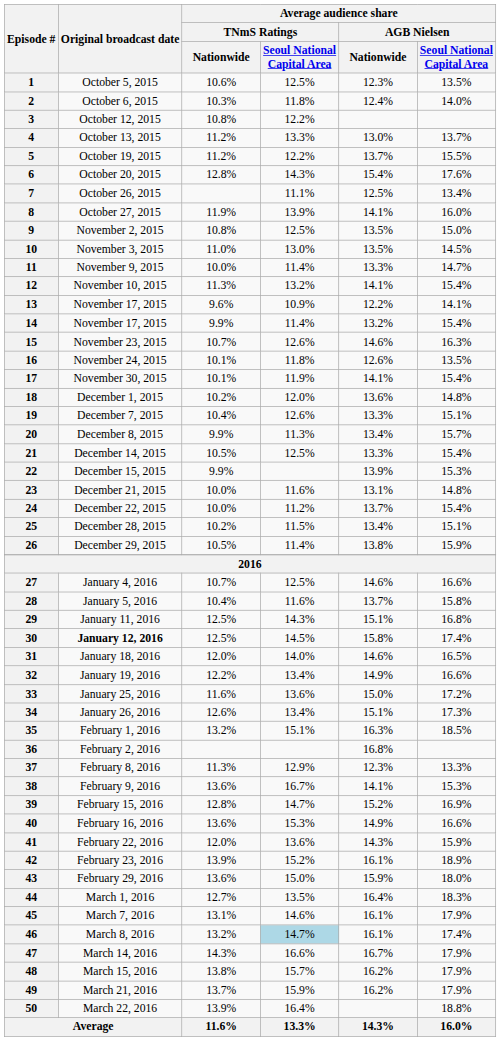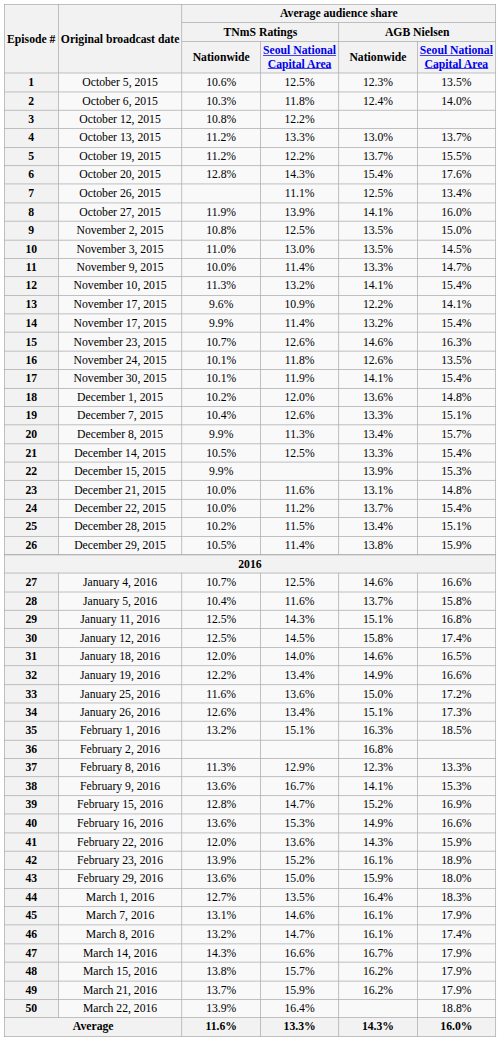 <table class=wikitable style="text-align:center">
 <tr>
 <th rowspan="3">Episode #</th>
 <th rowspan="3">Original broadcast date</th>
 <th colspan="4">Average audience share</th>
 </tr>
 <tr>
 <th colspan="2">TNmS Ratings</th>
 <th colspan="2">AGB Nielsen</th>
 </tr>
 <tr>
 <th width=100>Nationwide</th>
 <th width=100><a href='#'>Seoul National Capital Area</a></th>
 <th width=100>Nationwide</th>
 <th width=100><a href='#'>Seoul National Capital Area</a></th>
 </tr>
 <tr>
 <th>1</th>
 <td>October 5, 2015</td>
 <td>10.6%</td>
 <td>12.5%</td>
 <td>12.3%</td>
 <td>13.5%</td>
 </tr>
 <tr>
 <th>2</th>
 <td>October 6, 2015</td>
 <td>10.3%</td>
 <td>11.8%</td>
 <td>12.4%</td>
 <td>14.0%</td>
 </tr>
 <tr>
 <th>3</th>
 <td>October 12, 2015</td>
 <td>10.8%</td>
 <td>12.2%</td>
 <td></td>
 <td></td>
 </tr>
 <tr>
 <th>4</th>
 <td>October 13, 2015</td>
 <td>11.2%</td>
 <td>13.3%</td>
 <td>13.0%</td>
 <td>13.7%</td>
 </tr>
 <tr>
 <th>5</th>
 <td>October 19, 2015</td>
 <td>11.2%</td>
 <td>12.2%</td>
 <td>13.7%</td>
 <td>15.5%</td>
 </tr>
 <tr>
 <th>6</th>
 <td>October 20, 2015</td>
 <td>12.8%</td>
 <td>14.3%</td>
 <td>15.4%</td>
 <td>17.6%</td>
 </tr>
 <tr>
 <th>7</th>
 <td>October 26, 2015</td>
 <td></td>
 <td>11.1%</td>
 <td>12.5%</td>
 <td>13.4%</td>
 </tr>
 <tr>
 <th>8</th>
 <td>October 27, 2015</td>
 <td>11.9%</td>
 <td>13.9%</td>
 <td>14.1%</td>
 <td>16.0%</td>
 </tr>
 <tr>
 <th>9</th>
 <td>November 2, 2015</td>
 <td>10.8%</td>
 <td>12.5%</td>
 <td>13.5%</td>
 <td>15.0%</td>
 </tr>
 <tr>
 <th>10</th>
 <td>November 3, 2015</td>
 <td>11.0%</td>
 <td>13.0%</td>
 <td>13.5%</td>
 <td>14.5%</td>
 </tr>
 <tr>
 <th>11</th>
 <td>November 9, 2015</td>
 <td>10.0%</td>
 <td>11.4%</td>
 <td>13.3%</td>
 <td>14.7%</td>
 </tr>
 <tr>
 <th>12</th>
 <td>November 10, 2015</td>
 <td>11.3%</td>
 <td>13.2%</td>
 <td>14.1%</td>
 <td>15.4%</td>
 </tr>
 <tr>
 <th>13</th>
 <td>November 17, 2015</td>
 <td>9.6%</td>
 <td>10.9%</td>
 <td>12.2%</td>
 <td>14.1%</td>
 </tr>
 <tr>
 <th>14</th>
 <td>November 17, 2015</td>
 <td>9.9%</td>
 <td>11.4%</td>
 <td>13.2%</td>
 <td>15.4%</td>
 </tr>
 <tr>
 <th>15</th>
 <td>November 23, 2015</td>
 <td>10.7%</td>
 <td>12.6%</td>
 <td>14.6%</td>
 <td>16.3%</td>
 </tr>
 <tr>
 <th>16</th>
 <td>November 24, 2015</td>
 <td>10.1%</td>
 <td>11.8%</td>
 <td>12.6%</td>
 <td>13.5%</td>
 </tr>
 <tr>
 <th>17</th>
 <td>November 30, 2015</td>
 <td>10.1%</td>
 <td>11.9%</td>
 <td>14.1%</td>
 <td>15.4%</td>
 </tr>
 <tr>
 <th>18</th>
 <td>December 1, 2015</td>
 <td>10.2%</td>
 <td>12.0%</td>
 <td>13.6%</td>
 <td>14.8%</td>
 </tr>
 <tr>
 <th>19</th>
 <td>December 7, 2015</td>
 <td>10.4%</td>
 <td>12.6%</td>
 <td>13.3%</td>
 <td>15.1%</td>
 </tr>
 <tr>
 <th>20</th>
 <td>December 8, 2015</td>
 <td>9.9%</td>
 <td>11.3%</td>
 <td>13.4%</td>
 <td>15.7%</td>
 </tr>
 <tr>
 <th>21</th>
 <td>December 14, 2015</td>
 <td>10.5%</td>
 <td>12.5%</td>
 <td>13.3%</td>
 <td>15.4%</td>
 </tr>
 <tr>
 <th>22</th>
 <td>December 15, 2015</td>
 <td>9.9%</td>
 <td></td>
 <td>13.9%</td>
 <td>15.3%</td>
 </tr>
 <tr>
 <th>23</th>
 <td>December 21, 2015</td>
 <td>10.0%</td>
 <td>11.6%</td>
 <td>13.1%</td>
 <td>14.8%</td>
 </tr>
 <tr>
 <th>24</th>
 <td>December 22, 2015</td>
 <td>10.0%</td>
 <td>11.2%</td>
 <td>13.7%</td>
 <td>15.4%</td>
 </tr>
 <tr>
 <th>25</th>
 <td>December 28, 2015</td>
 <td>10.2%</td>
 <td>11.5%</td>
 <td>13.4%</td>
 <td>15.1%</td>
 </tr>
 <tr>
 <th>26</th>
 <td>December 29, 2015</td>
 <td>10.5%</td>
 <td>11.4%</td>
 <td>13.8%</td>
 <td>15.9%</td>
 </tr>
 <tr>
 </tr>
 <tr align=center>
 <th colspan="6">2016</th>
 </tr>
 <tr align=center>
 <th>27</th>
 <td>January 4, 2016</td>
 <td>10.7%</td>
 <td>12.5%</td>
 <td>14.6%</td>
 <td>16.6%</td>
 </tr>
 <tr>
 <th>28</th>
 <td>January 5, 2016</td>
 <td>10.4%</td>
 <td>11.6%</td>
 <td>13.7%</td>
 <td>15.8%</td>
 </tr>
 <tr>
 <th>29</th>
 <td>January 11, 2016</td>
 <td>12.5%</td>
 <td>14.3%</td>
 <td>15.1%</td>
 <td>16.8%</td>
 </tr>
 <tr>
 <th>30</th>
-<td><strong>January 12, 2016</strong></td>
+<td>January 12, 2016</td>
 <td>12.5%</td>
 <td>14.5%</td>
 <td>15.8%</td>
 <td>17.4%</td>
 </tr>
 <tr>
 <th>31</th>
 <td>January 18, 2016</td>
 <td>12.0%</td>
 <td>14.0%</td>
 <td>14.6%</td>
 <td>16.5%</td>
 </tr>
 <tr>
 <th>32</th>
 <td>January 19, 2016</td>
 <td>12.2%</td>
 <td>13.4%</td>
 <td>14.9%</td>
 <td>16.6%</td>
 </tr>
 <tr>
 <th>33</th>
 <td>January 25, 2016</td>
 <td>11.6%</td>
 <td>13.6%</td>
 <td>15.0%</td>
 <td>17.2%</td>
 </tr>
 <tr>
 <th>34</th>
 <td>January 26, 2016</td>
 <td>12.6%</td>
 <td>13.4%</td>
 <td>15.1%</td>
 <td>17.3%</td>
 </tr>
 <tr>
 <th>35</th>
 <td>February 1, 2016</td>
 <td>13.2%</td>
 <td>15.1%</td>
 <td>16.3%</td>
 <td>18.5%</td>
 </tr>
 <tr>
 <th>36</th>
 <td>February 2, 2016</td>
 <td></td>
 <td></td>
 <td>16.8%</td>
 <td></td>
 </tr>
 <tr>
 <th>37</th>
 <td>February 8, 2016</td>
 <td>11.3%</td>
 <td>12.9%</td>
 <td>12.3%</td>
 <td>13.3%</td>
 </tr>
 <tr>
 <th>38</th>
 <td>February 9, 2016</td>
 <td>13.6%</td>
 <td>16.7%</td>
 <td>14.1%</td>
 <td>15.3%</td>
 </tr>
 <tr>
 <th>39</th>
 <td>February 15, 2016</td>
 <td>12.8%</td>
 <td>14.7%</td>
 <td>15.2%</td>
 <td>16.9%</td>
 </tr>
 <tr>
 <th>40</th>
 <td>February 16, 2016</td>
 <td>13.6%</td>
 <td>15.3%</td>
 <td>14.9%</td>
 <td>16.6%</td>
 </tr>
 <tr>
 <th>41</th>
 <td>February 22, 2016</td>
 <td>12.0%</td>
 <td>13.6%</td>
 <td>14.3%</td>
 <td>15.9%</td>
 </tr>
 <tr>
 <th>42</th>
 <td>February 23, 2016</td>
 <td>13.9%</td>
 <td>15.2%</td>
 <td>16.1%</td>
 <td>18.9%</td>
 </tr>
 <tr>
 <th>43</th>
 <td>February 29, 2016</td>
 <td>13.6%</td>
 <td>15.0%</td>
 <td>15.9%</td>
 <td>18.0%</td>
 </tr>
 <tr>
 <th>44</th>
 <td>March 1, 2016</td>
 <td>12.7%</td>
 <td>13.5%</td>
 <td>16.4%</td>
 <td>18.3%</td>
 </tr>
 <tr>
 <th>45</th>
 <td>March 7, 2016</td>
 <td>13.1%</td>
 <td>14.6%</td>
 <td>16.1%</td>
 <td>17.9%</td>
 </tr>
 <tr>
 <th>46</th>
 <td>March 8, 2016</td>
 <td>13.2%</td>
-<td style="background: lightblue;">14.7%</td>
+<td>14.7%</td>
 <td>16.1%</td>
 <td>17.4%</td>
 </tr>
 <tr>
 <th>47</th>
 <td>March 14, 2016</td>
 <td>14.3%</td>
 <td>16.6%</td>
 <td>16.7%</td>
 <td>17.9%</td>
 </tr>
 <tr>
 <th>48</th>
 <td>March 15, 2016</td>
 <td>13.8%</td>
 <td>15.7%</td>
 <td>16.2%</td>
 <td>17.9%</td>
 </tr>
 <tr>
 <th>49</th>
 <td>March 21, 2016</td>
 <td>13.7%</td>
 <td>15.9%</td>
 <td>16.2%</td>
 <td>17.9%</td>
 </tr>
 <tr>
 <th>50</th>
 <td>March 22, 2016</td>
 <td>13.9%</td>
 <td>16.4%</td>
 <td></td>
 <td>18.8%</td>
 </tr>
 <tr>
 <th colspan=2>Average</th>
 <th><strong>11.6%</strong></th>
 <th><strong>13.3%</strong></th>
 <th><strong>14.3%</strong></th>
 <th><strong>16.0%</strong></th>
 </tr>
 </table>
